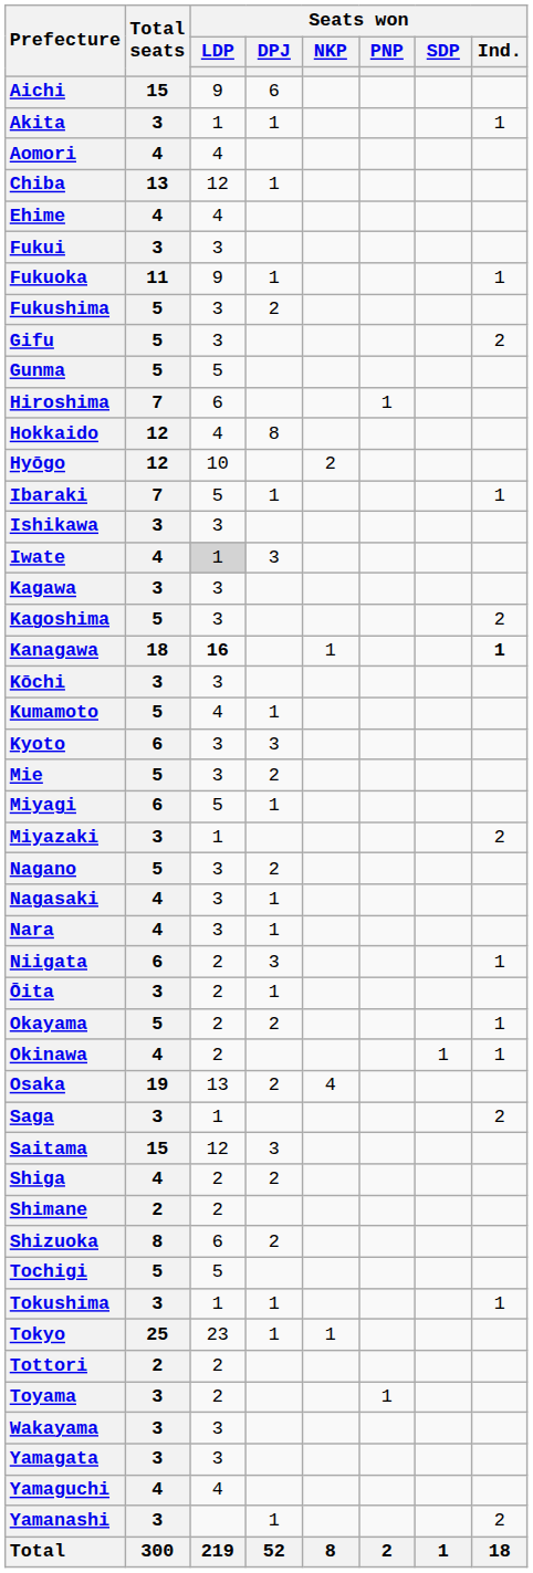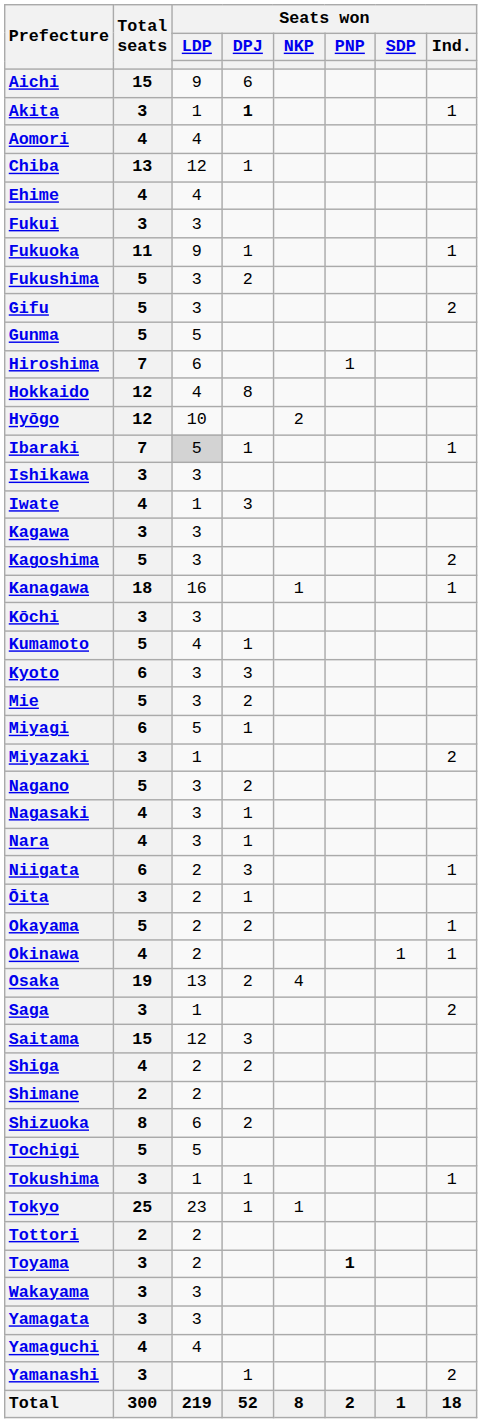 <table class="wikitable" style="text-align:center; font-size: 0.9em;">
 <tr>
 <th rowspan="3">Prefecture</th>
 <th rowspan="3">Total<br>seats</th>
 <th colspan="6">Seats won</th>
 </tr>
 <tr>
 <th class="unsortable" style="width:30px;"><a href='#'>LDP</a></th>
 <th class="unsortable" style="width:30px;"><a href='#'>DPJ</a></th>
 <th class="unsortable" style="width:30px;"><a href='#'>NKP</a></th>
 <th class="unsortable" style="width:30px;"><a href='#'>PNP</a></th>
 <th class="unsortable" style="width:30px;"><a href='#'>SDP</a></th>
 <th class="unsortable" style="width:30px;">Ind.</th>
 </tr>
 <tr>
 <th style="background:"></th>
 <th style="background:"></th>
 <th style="background:"></th>
 <th style="background:"></th>
 <th style="background:"></th>
 <th style="background:"></th>
 </tr>
 <tr>
 <th style="text-align: left;"><a href='#'>Aichi</a></th>
 <th>15</th>
 <td>9</td>
 <td>6</td>
 <td></td>
 <td></td>
 <td></td>
 <td></td>
 </tr>
 <tr>
 <th style="text-align: left;"><a href='#'>Akita</a></th>
 <th>3</th>
 <td>1</td>
-<td>1</td>
+<td><strong>1</strong></td>
 <td></td>
 <td></td>
 <td></td>
 <td>1</td>
 </tr>
 <tr>
 <th style="text-align: left;"><a href='#'>Aomori</a></th>
 <th>4</th>
 <td>4</td>
 <td></td>
 <td></td>
 <td></td>
 <td></td>
 <td></td>
 </tr>
 <tr>
 <th style="text-align: left;"><a href='#'>Chiba</a></th>
 <th>13</th>
 <td>12</td>
 <td>1</td>
 <td></td>
 <td></td>
 <td></td>
 <td></td>
 </tr>
 <tr>
 <th style="text-align: left;"><a href='#'>Ehime</a></th>
 <th>4</th>
 <td>4</td>
 <td></td>
 <td></td>
 <td></td>
 <td></td>
 <td></td>
 </tr>
 <tr>
 <th style="text-align: left;"><a href='#'>Fukui</a></th>
 <th>3</th>
 <td>3</td>
 <td></td>
 <td></td>
 <td></td>
 <td></td>
 <td></td>
 </tr>
 <tr>
 <th style="text-align: left;"><a href='#'>Fukuoka</a></th>
 <th>11</th>
 <td>9</td>
 <td>1</td>
 <td></td>
 <td></td>
 <td></td>
 <td>1</td>
 </tr>
 <tr>
 <th style="text-align: left;"><a href='#'>Fukushima</a></th>
 <th>5</th>
 <td>3</td>
 <td>2</td>
 <td></td>
 <td></td>
 <td></td>
 <td></td>
 </tr>
 <tr>
 <th style="text-align: left;"><a href='#'>Gifu</a></th>
 <th>5</th>
 <td>3</td>
 <td></td>
 <td></td>
 <td></td>
 <td></td>
 <td>2</td>
 </tr>
 <tr>
 <th style="text-align: left;"><a href='#'>Gunma</a></th>
 <th>5</th>
 <td>5</td>
 <td></td>
 <td></td>
 <td></td>
 <td></td>
 <td></td>
 </tr>
 <tr>
 <th style="text-align: left;"><a href='#'>Hiroshima</a></th>
 <th>7</th>
 <td>6</td>
 <td></td>
 <td></td>
 <td>1</td>
 <td></td>
 <td></td>
 </tr>
 <tr>
 <th style="text-align: left;"><a href='#'>Hokkaido</a></th>
 <th>12</th>
 <td>4</td>
 <td>8</td>
 <td></td>
 <td></td>
 <td></td>
 <td></td>
 </tr>
 <tr>
 <th style="text-align: left;"><a href='#'>Hyōgo</a></th>
 <th>12</th>
 <td>10</td>
 <td></td>
 <td>2</td>
 <td></td>
 <td></td>
 <td></td>
 </tr>
 <tr>
 <th style="text-align: left;"><a href='#'>Ibaraki</a></th>
 <th>7</th>
-<td>5</td>
+<td style="background: lightgrey;">5</td>
 <td>1</td>
 <td></td>
 <td></td>
 <td></td>
 <td>1</td>
 </tr>
 <tr>
 <th style="text-align: left;"><a href='#'>Ishikawa</a></th>
 <th>3</th>
 <td>3</td>
 <td></td>
 <td></td>
 <td></td>
 <td></td>
 <td></td>
 </tr>
 <tr>
 <th style="text-align: left;"><a href='#'>Iwate</a></th>
 <th>4</th>
-<td style="background: lightgrey;">1</td>
+<td>1</td>
 <td>3</td>
 <td></td>
 <td></td>
 <td></td>
 <td></td>
 </tr>
 <tr>
 <th style="text-align: left;"><a href='#'>Kagawa</a></th>
 <th>3</th>
 <td>3</td>
 <td></td>
 <td></td>
 <td></td>
 <td></td>
 <td></td>
 </tr>
 <tr>
 <th style="text-align: left;"><a href='#'>Kagoshima</a></th>
 <th>5</th>
 <td>3</td>
 <td></td>
 <td></td>
 <td></td>
 <td></td>
 <td>2</td>
 </tr>
 <tr>
 <th style="text-align: left;"><a href='#'>Kanagawa</a></th>
 <th>18</th>
-<td><strong>16</strong></td>
+<td>16</td>
 <td></td>
 <td>1</td>
 <td></td>
 <td></td>
-<td><strong>1</strong></td>
+<td>1</td>
 </tr>
 <tr>
 <th style="text-align: left;"><a href='#'>Kōchi</a></th>
 <th>3</th>
 <td>3</td>
 <td></td>
 <td></td>
 <td></td>
 <td></td>
 <td></td>
 </tr>
 <tr>
 <th style="text-align: left;"><a href='#'>Kumamoto</a></th>
 <th>5</th>
 <td>4</td>
 <td>1</td>
 <td></td>
 <td></td>
 <td></td>
 <td></td>
 </tr>
 <tr>
 <th style="text-align: left;"><a href='#'>Kyoto</a></th>
 <th>6</th>
 <td>3</td>
 <td>3</td>
 <td></td>
 <td></td>
 <td></td>
 <td></td>
 </tr>
 <tr>
 <th style="text-align: left;"><a href='#'>Mie</a></th>
 <th>5</th>
 <td>3</td>
 <td>2</td>
 <td></td>
 <td></td>
 <td></td>
 <td></td>
 </tr>
 <tr>
 <th style="text-align: left;"><a href='#'>Miyagi</a></th>
 <th>6</th>
 <td>5</td>
 <td>1</td>
 <td></td>
 <td></td>
 <td></td>
 <td></td>
 </tr>
 <tr>
 <th style="text-align: left;"><a href='#'>Miyazaki</a></th>
 <th>3</th>
 <td>1</td>
 <td></td>
 <td></td>
 <td></td>
 <td></td>
 <td>2</td>
 </tr>
 <tr>
 <th style="text-align: left;"><a href='#'>Nagano</a></th>
 <th>5</th>
 <td>3</td>
 <td>2</td>
 <td></td>
 <td></td>
 <td></td>
 <td></td>
 </tr>
 <tr>
 <th style="text-align: left;"><a href='#'>Nagasaki</a></th>
 <th>4</th>
 <td>3</td>
 <td>1</td>
 <td></td>
 <td></td>
 <td></td>
 <td></td>
 </tr>
 <tr>
 <th style="text-align: left;"><a href='#'>Nara</a></th>
 <th>4</th>
 <td>3</td>
 <td>1</td>
 <td></td>
 <td></td>
 <td></td>
 <td></td>
 </tr>
 <tr>
 <th style="text-align: left;"><a href='#'>Niigata</a></th>
 <th>6</th>
 <td>2</td>
 <td>3</td>
 <td></td>
 <td></td>
 <td></td>
 <td>1</td>
 </tr>
 <tr>
 <th style="text-align: left;"><a href='#'>Ōita</a></th>
 <th>3</th>
 <td>2</td>
 <td>1</td>
 <td></td>
 <td></td>
 <td></td>
 <td></td>
 </tr>
 <tr>
 <th style="text-align: left;"><a href='#'>Okayama</a></th>
 <th>5</th>
 <td>2</td>
 <td>2</td>
 <td></td>
 <td></td>
 <td></td>
 <td>1</td>
 </tr>
 <tr>
 <th style="text-align: left;"><a href='#'>Okinawa</a></th>
 <th>4</th>
 <td>2</td>
 <td></td>
 <td></td>
 <td></td>
 <td>1</td>
 <td>1</td>
 </tr>
 <tr>
 <th style="text-align: left;"><a href='#'>Osaka</a></th>
 <th>19</th>
 <td>13</td>
 <td>2</td>
 <td>4</td>
 <td></td>
 <td></td>
 <td></td>
 </tr>
 <tr>
 <th style="text-align: left;"><a href='#'>Saga</a></th>
 <th>3</th>
 <td>1</td>
 <td></td>
 <td></td>
 <td></td>
 <td></td>
 <td>2</td>
 </tr>
 <tr>
 <th style="text-align: left;"><a href='#'>Saitama</a></th>
 <th>15</th>
 <td>12</td>
 <td>3</td>
 <td></td>
 <td></td>
 <td></td>
 <td></td>
 </tr>
 <tr>
 <th style="text-align: left;"><a href='#'>Shiga</a></th>
 <th>4</th>
 <td>2</td>
 <td>2</td>
 <td></td>
 <td></td>
 <td></td>
 <td></td>
 </tr>
 <tr>
 <th style="text-align: left;"><a href='#'>Shimane</a></th>
 <th>2</th>
 <td>2</td>
 <td></td>
 <td></td>
 <td></td>
 <td></td>
 <td></td>
 </tr>
 <tr>
 <th style="text-align: left;"><a href='#'>Shizuoka</a></th>
 <th>8</th>
 <td>6</td>
 <td>2</td>
 <td></td>
 <td></td>
 <td></td>
 <td></td>
 </tr>
 <tr>
 <th style="text-align: left;"><a href='#'>Tochigi</a></th>
 <th>5</th>
 <td>5</td>
 <td></td>
 <td></td>
 <td></td>
 <td></td>
 <td></td>
 </tr>
 <tr>
 <th style="text-align: left;"><a href='#'>Tokushima</a></th>
 <th>3</th>
 <td>1</td>
 <td>1</td>
 <td></td>
 <td></td>
 <td></td>
 <td>1</td>
 </tr>
 <tr>
 <th style="text-align: left;"><a href='#'>Tokyo</a></th>
 <th>25</th>
 <td>23</td>
 <td>1</td>
 <td>1</td>
 <td></td>
 <td></td>
 <td></td>
 </tr>
 <tr>
 <th style="text-align: left;"><a href='#'>Tottori</a></th>
 <th>2</th>
 <td>2</td>
 <td></td>
 <td></td>
 <td></td>
 <td></td>
 <td></td>
 </tr>
 <tr>
 <th style="text-align: left;"><a href='#'>Toyama</a></th>
 <th>3</th>
 <td>2</td>
 <td></td>
 <td></td>
-<td>1</td>
+<td><strong>1</strong></td>
 <td></td>
 <td></td>
 </tr>
 <tr>
 <th style="text-align: left;"><a href='#'>Wakayama</a></th>
 <th>3</th>
 <td>3</td>
 <td></td>
 <td></td>
 <td></td>
 <td></td>
 <td></td>
 </tr>
 <tr>
 <th style="text-align: left;"><a href='#'>Yamagata</a></th>
 <th>3</th>
 <td>3</td>
 <td></td>
 <td></td>
 <td></td>
 <td></td>
 <td></td>
 </tr>
 <tr>
 <th style="text-align: left;"><a href='#'>Yamaguchi</a></th>
 <th>4</th>
 <td>4</td>
 <td></td>
 <td></td>
 <td></td>
 <td></td>
 <td></td>
 </tr>
 <tr>
 <th style="text-align: left;"><a href='#'>Yamanashi</a></th>
 <th>3</th>
 <td></td>
 <td>1</td>
 <td></td>
 <td></td>
 <td></td>
 <td>2</td>
 </tr>
 <tr class="sortbottom">
 <th style="text-align: left;">Total</th>
 <th>300</th>
 <th>219</th>
 <th>52</th>
 <th>8</th>
 <th>2</th>
 <th>1</th>
 <th>18</th>
 </tr>
 </table>
